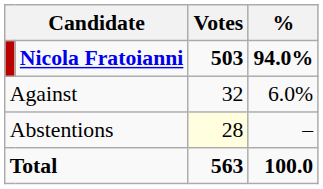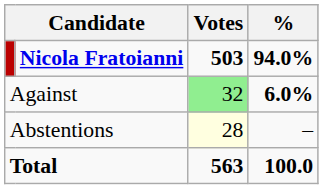 <table class="wikitable" style="font-size:95%">
 <tr bgcolor="#E9E9E9">
 <th rowspan="1" colspan="2">Candidate</th>
 <th rowspan="1" colspan="1">Votes</th>
 <th rowspan="1" colspan="1">%</th>
 </tr>
 <tr>
 <td bgcolor="#BB0000"></td>
 <td align="left"><strong><a href='#'>Nicola Fratoianni</a></strong></td>
 <td align="right"><strong>503</strong></td>
 <td align="right"><strong>94.0%</strong></td>
 </tr>
 <tr>
 <td colspan=2 align="left">Against</td>
-<td align="right">32</td>
-<td align="right">6.0%</td>
+<td align="right" style="background: lightgreen;">32</td>
+<td align="right"><strong>6.0%</strong></td>
 </tr>
 <tr>
 <td colspan=2 align="left">Abstentions</td>
 <td align="right" style="background: lightyellow;">28</td>
 <td align="right">–</td>
 </tr>
 <tr>
 <td colspan="2" align="left"><strong>Total</strong></td>
 <td align="right"><strong>563</strong></td>
 <td align="right"><strong>100.0</strong></td>
 </tr>
 </table>
